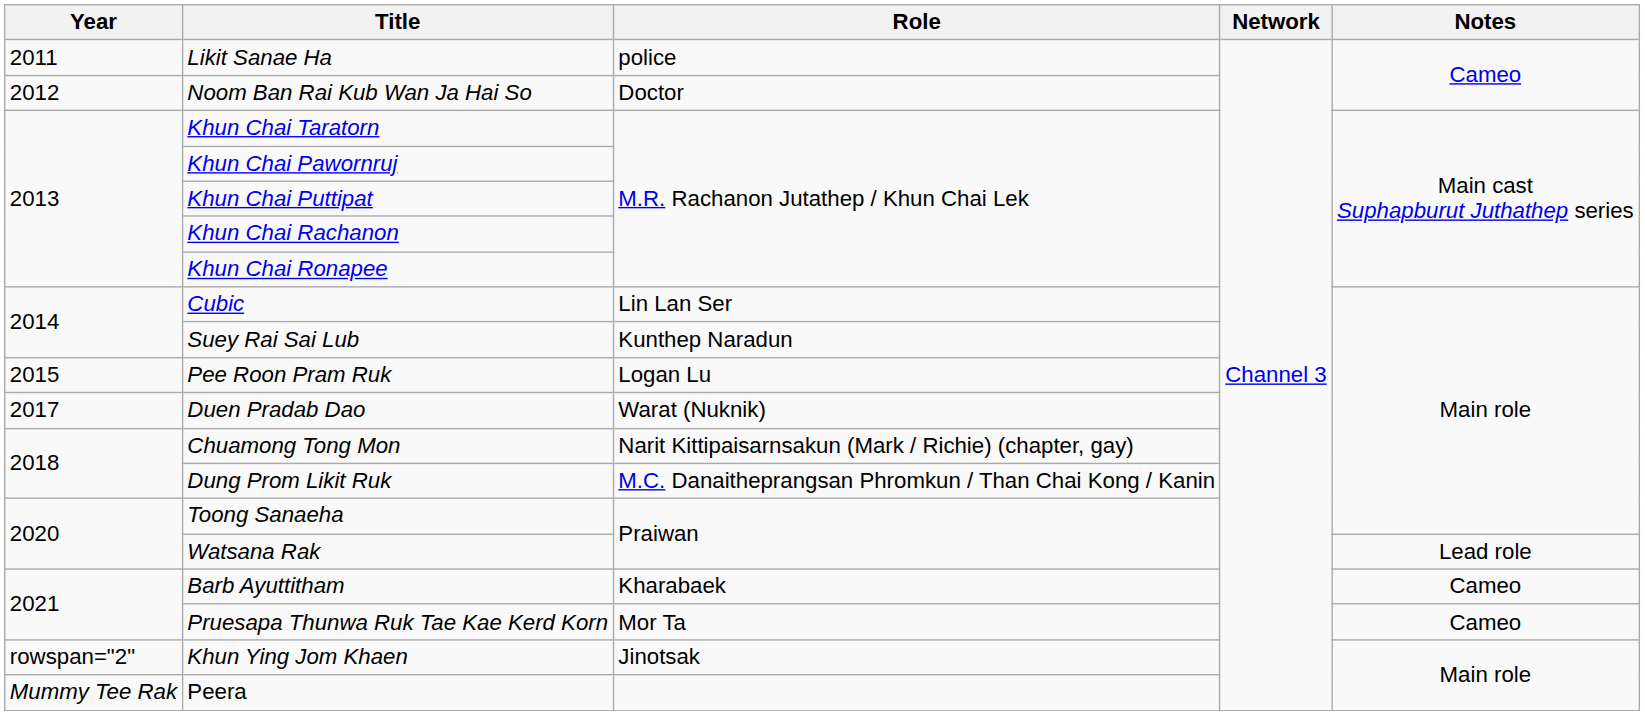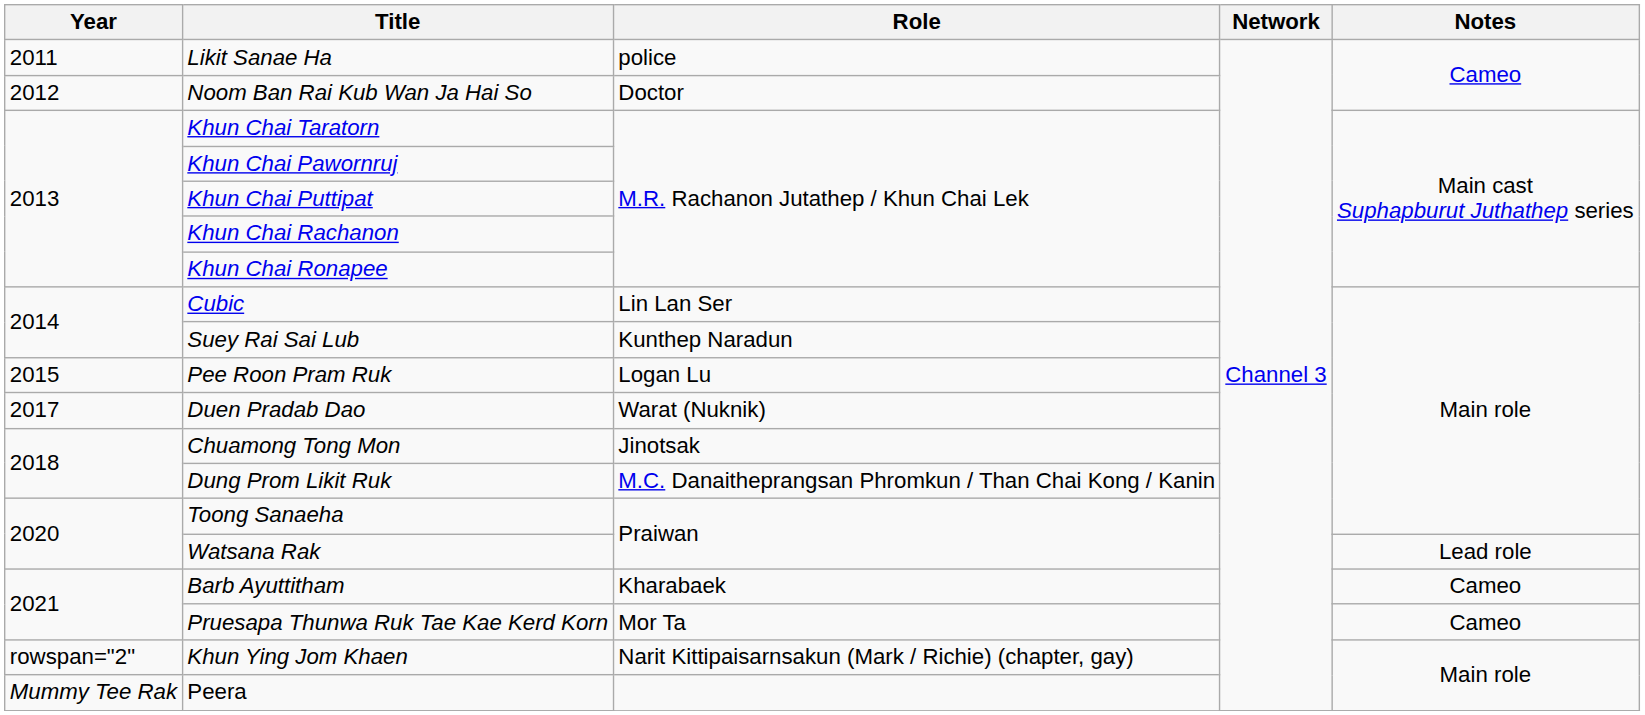 <table class="wikitable sortable">
 <tr>
 <th>Year</th>
 <th>Title</th>
 <th>Role</th>
 <th>Network</th>
 <th class="unsortable">Notes</th>
 </tr>
 <tr>
 <td>2011</td>
 <td><em> Likit Sanae Ha </em></td>
 <td>police</td>
 <td rowspan="19"><a href='#'>Channel 3</a></td>
 <td align="center" rowspan="2"><a href='#'>Cameo</a></td>
 </tr>
 <tr>
 <td>2012</td>
 <td><em> Noom Ban Rai Kub Wan Ja Hai So </em></td>
 <td>Doctor</td>
 </tr>
 <tr>
 <td rowspan="5">2013</td>
 <td><em> <a href='#'>Khun Chai Taratorn</a> </em></td>
 <td rowspan="5"><a href='#'>M.R.</a> Rachanon Jutathep / Khun Chai Lek</td>
 <td align="center" rowspan="5">Main cast <br><em><a href='#'>Suphapburut Juthathep</a></em> series</td>
 </tr>
 <tr>
 <td><em><a href='#'>Khun Chai Pawornruj</a> </em></td>
 </tr>
 <tr>
 <td><em> <a href='#'>Khun Chai Puttipat</a> </em></td>
 </tr>
 <tr>
 <td><em> <a href='#'>Khun Chai Rachanon</a> </em></td>
 </tr>
 <tr>
 <td><em> <a href='#'>Khun Chai Ronapee</a>  </em></td>
 </tr>
 <tr>
 <td rowspan="2">2014</td>
 <td><em> <a href='#'>Cubic</a> </em></td>
 <td>Lin Lan Ser</td>
 <td align="center" rowspan="7">Main role</td>
 </tr>
 <tr>
 <td><em> Suey Rai Sai Lub </em></td>
 <td>Kunthep Naradun</td>
 </tr>
 <tr>
 <td rowspan="1">2015</td>
 <td><em> Pee Roon Pram Ruk  </em></td>
 <td>Logan Lu</td>
 </tr>
 <tr>
 <td rowspan="1">2017</td>
 <td><em>Duen Pradab Dao </em></td>
 <td>Warat (Nuknik)</td>
 </tr>
 <tr>
 <td rowspan="2">2018</td>
 <td><em> Chuamong Tong Mon  </em></td>
-<td>Narit Kittipaisarnsakun (Mark / Richie) (chapter, gay)</td>
+<td>Jinotsak</td>
 </tr>
 <tr>
 <td><em>Dung Prom Likit Ruk  </em></td>
 <td><a href='#'>M.C.</a> Danaitheprangsan Phromkun / Than Chai Kong  / Kanin</td>
 </tr>
 <tr>
 <td rowspan="2">2020</td>
 <td><em> Toong Sanaeha  </em></td>
 <td rowspan="2">Praiwan</td>
 </tr>
 <tr>
 <td><em> Watsana Rak  </em></td>
 <td align="center">Lead role</td>
 </tr>
 <tr>
 <td rowspan="2">2021</td>
 <td><em> Barb Ayuttitham  </em></td>
 <td>Kharabaek</td>
 <td align="center">Cameo</td>
 </tr>
 <tr>
 <td><em>Pruesapa Thunwa Ruk Tae Kae Kerd Korn  </em></td>
 <td>Mor Ta</td>
 <td align="center">Cameo</td>
 </tr>
 <tr>
 <td>rowspan="2" </td>
 <td><em> Khun Ying Jom Khaen  </em></td>
-<td>Jinotsak</td>
+<td>Narit Kittipaisarnsakun (Mark / Richie) (chapter, gay)</td>
 <td align="center" rowspan="2">Main role</td>
 </tr>
 <tr>
 <td><em>Mummy Tee Rak  </em></td>
 <td>Peera</td>
 </tr>
 <tr>
 </tr>
 </table>
